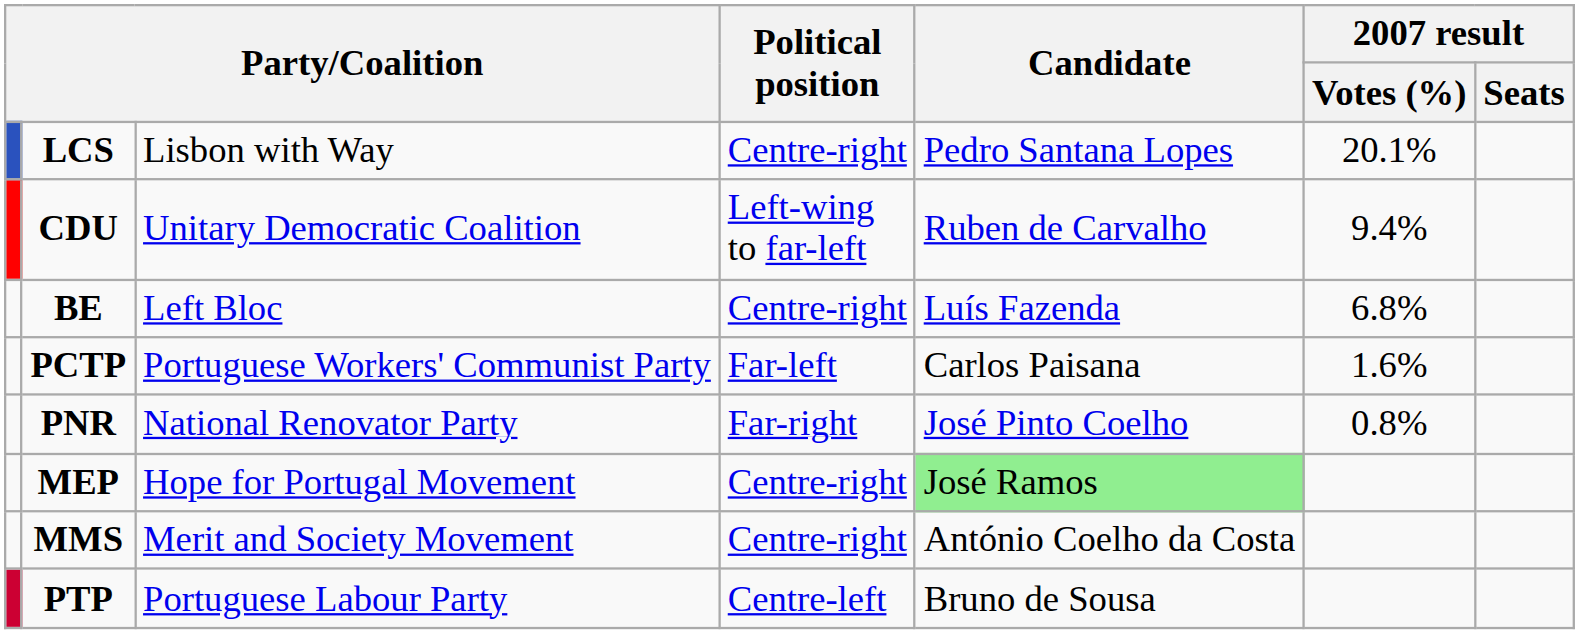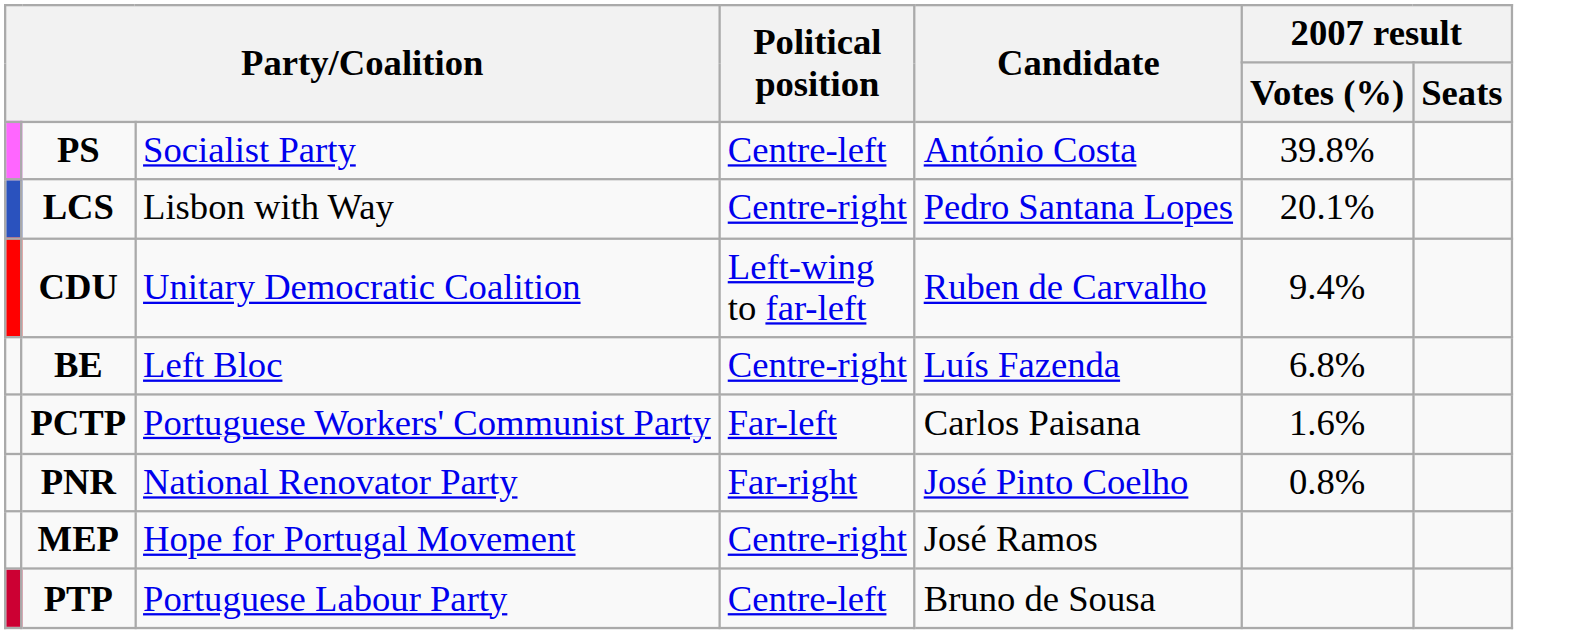 <table class="wikitable">
 <tr>
 <th colspan="3" rowspan="2">Party/Coalition</th>
 <th rowspan="2">Political<br>position</th>
 <th rowspan="2">Candidate</th>
 <th colspan="2">2007 result</th>
 </tr>
 <tr>
 <th>Votes (%)</th>
 <th>Seats</th>
+</tr>
+<tr>
+<td style="background:#FF66FF;"></td>
+<td style="text-align:center;"><strong>PS</strong></td>
+<td><a href='#'>Socialist Party</a><br></td>
+<td><a href='#'>Centre-left</a></td>
+<td><a href='#'>António Costa</a></td>
+<td style="text-align:center;">39.8%</td>
+<td></td>
 </tr>
 <tr>
 <td style="background:#2A52BE;"></td>
 <td style="text-align:center;"><strong>LCS</strong></td>
 <td>Lisbon with Way<br> </td>
 <td><a href='#'>Centre-right</a></td>
 <td><a href='#'>Pedro Santana Lopes</a></td>
 <td style="text-align:center;">20.1%</td>
 <td></td>
 </tr>
 <tr>
 <td style="background:#f00;"></td>
 <td style="text-align:center;"><strong>CDU</strong></td>
 <td><a href='#'>Unitary Democratic Coalition</a><br> </td>
 <td><a href='#'>Left-wing</a><br>to <a href='#'>far-left</a></td>
 <td><a href='#'>Ruben de Carvalho</a></td>
 <td style="text-align:center;">9.4%</td>
 <td></td>
 </tr>
 <tr>
 <td style="color:inherit;background:"></td>
 <td style="text-align:center;"><strong>BE</strong></td>
 <td><a href='#'>Left Bloc</a><br></td>
 <td><a href='#'>Centre-right</a></td>
 <td><a href='#'>Luís Fazenda</a></td>
 <td style="text-align:center;">6.8%</td>
 <td></td>
 </tr>
 <tr>
 <td style="color:inherit;background:"></td>
 <td style="text-align:center;"><strong>PCTP</strong></td>
 <td><a href='#'>Portuguese Workers' Communist Party</a><br></td>
 <td><a href='#'>Far-left</a></td>
 <td>Carlos Paisana</td>
 <td style="text-align:center;">1.6%</td>
 <td></td>
 </tr>
 <tr>
 <td style="color:inherit;background:"></td>
 <td style="text-align:center;"><strong>PNR</strong></td>
 <td><a href='#'>National Renovator Party</a><br></td>
 <td><a href='#'>Far-right</a></td>
 <td><a href='#'>José Pinto Coelho</a></td>
 <td style="text-align:center;">0.8%</td>
 <td></td>
 </tr>
 <tr>
 <td style="color:inherit;background:"></td>
 <td style="text-align:center;"><strong>MEP</strong></td>
 <td><a href='#'>Hope for Portugal Movement</a><br></td>
 <td><a href='#'>Centre-right</a></td>
-<td style="background: lightgreen;">José Ramos</td>
-<td></td>
-<td></td>
-</tr>
-<tr>
-<td style="color:inherit;background:"></td>
-<td style="text-align:center;"><strong>MMS</strong></td>
-<td><a href='#'>Merit and Society Movement</a><br></td>
-<td><a href='#'>Centre-right</a></td>
-<td>António Coelho da Costa</td>
+<td>José Ramos</td>
 <td></td>
 <td></td>
 </tr>
 <tr>
 <td style="background:#CC0033;"></td>
 <td style="text-align:center;"><strong>PTP</strong></td>
 <td><a href='#'>Portuguese Labour Party</a><br></td>
 <td><a href='#'>Centre-left</a></td>
 <td>Bruno de Sousa</td>
 <td></td>
 <td></td>
 </tr>
 </table>
